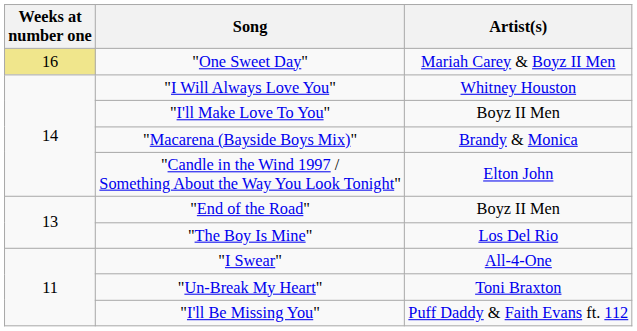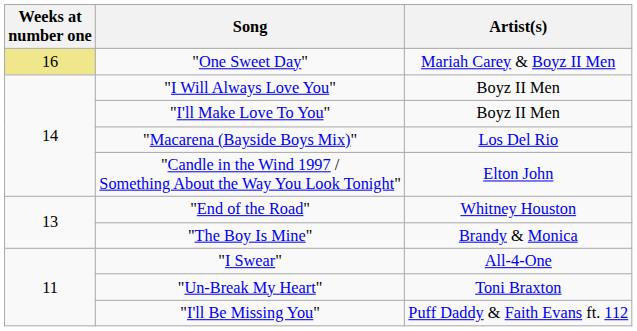 <table class="wikitable sortable" border="1" style="text-align: center;">
 <tr>
 <th>Weeks at<br>number one</th>
 <th>Song</th>
 <th>Artist(s)</th>
 </tr>
 <tr>
 <td style="background: khaki;">16</td>
 <td>"<a href='#'>One Sweet Day</a>"</td>
 <td><a href='#'>Mariah Carey</a> & <a href='#'>Boyz II Men</a></td>
 </tr>
 <tr>
 <td rowspan="4">14</td>
 <td>"<a href='#'>I Will Always Love You</a>"</td>
-<td><a href='#'>Whitney Houston</a></td>
+<td>Boyz II Men</td>
 </tr>
 <tr>
 <td>"<a href='#'>I'll Make Love To You</a>"</td>
 <td>Boyz II Men</td>
 </tr>
 <tr>
 <td>"<a href='#'>Macarena (Bayside Boys Mix)</a>"</td>
-<td><a href='#'>Brandy</a> & <a href='#'>Monica</a></td>
+<td><a href='#'>Los Del Rio</a></td>
 </tr>
 <tr>
 <td>"<a href='#'>Candle in the Wind 1997</a> / <br> <a href='#'>Something About the Way You Look Tonight</a>"</td>
 <td><a href='#'>Elton John</a></td>
 </tr>
 <tr>
 <td rowspan="2">13</td>
 <td>"<a href='#'>End of the Road</a>"</td>
-<td>Boyz II Men</td>
+<td><a href='#'>Whitney Houston</a></td>
 </tr>
 <tr>
 <td>"<a href='#'>The Boy Is Mine</a>"</td>
-<td><a href='#'>Los Del Rio</a></td>
+<td><a href='#'>Brandy</a> & <a href='#'>Monica</a></td>
 </tr>
 <tr>
 <td rowspan="3">11</td>
 <td>"<a href='#'>I Swear</a>"</td>
 <td><a href='#'>All-4-One</a></td>
 </tr>
 <tr>
 <td>"<a href='#'>Un-Break My Heart</a>"</td>
 <td><a href='#'>Toni Braxton</a></td>
 </tr>
 <tr>
 <td>"<a href='#'>I'll Be Missing You</a>"</td>
 <td><a href='#'>Puff Daddy</a> & <a href='#'>Faith Evans</a> ft. <a href='#'>112</a></td>
 </tr>
 </table>
